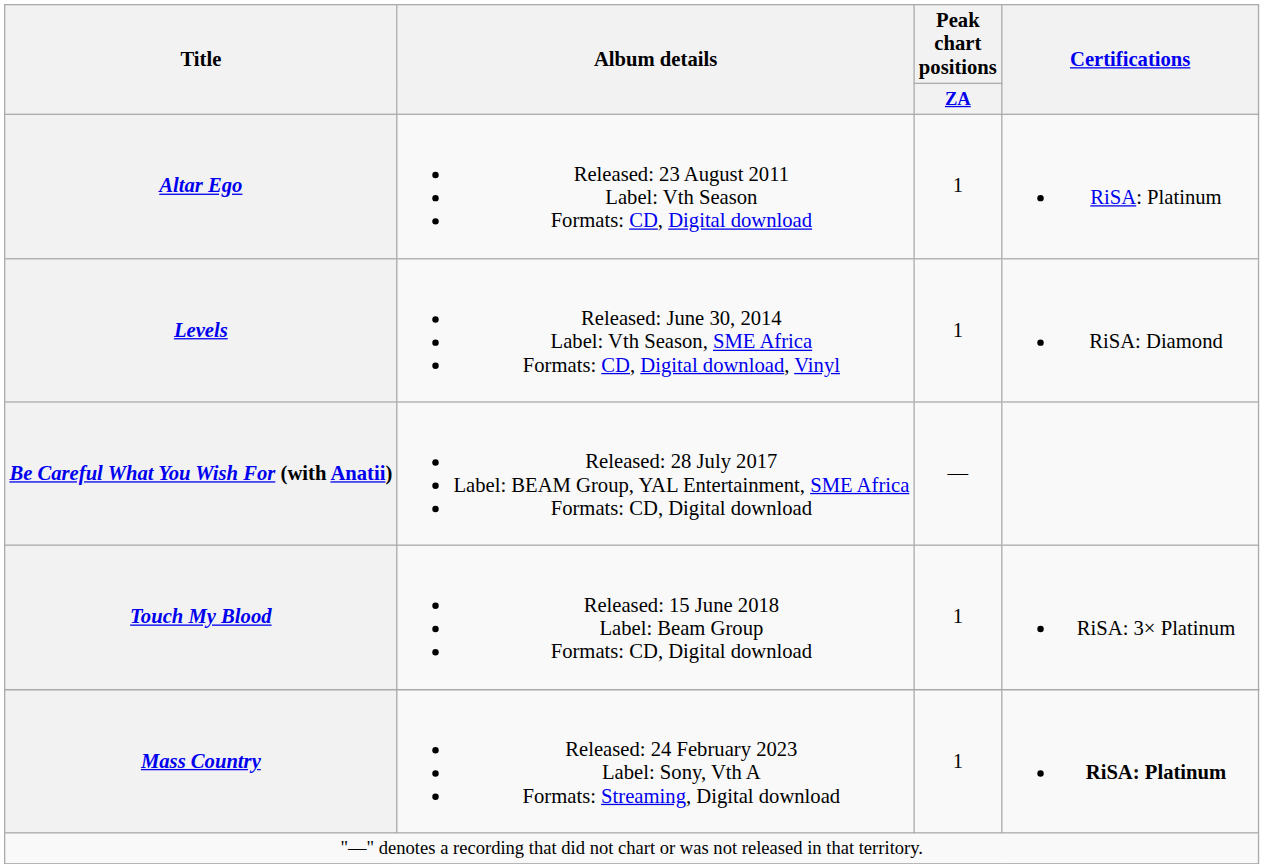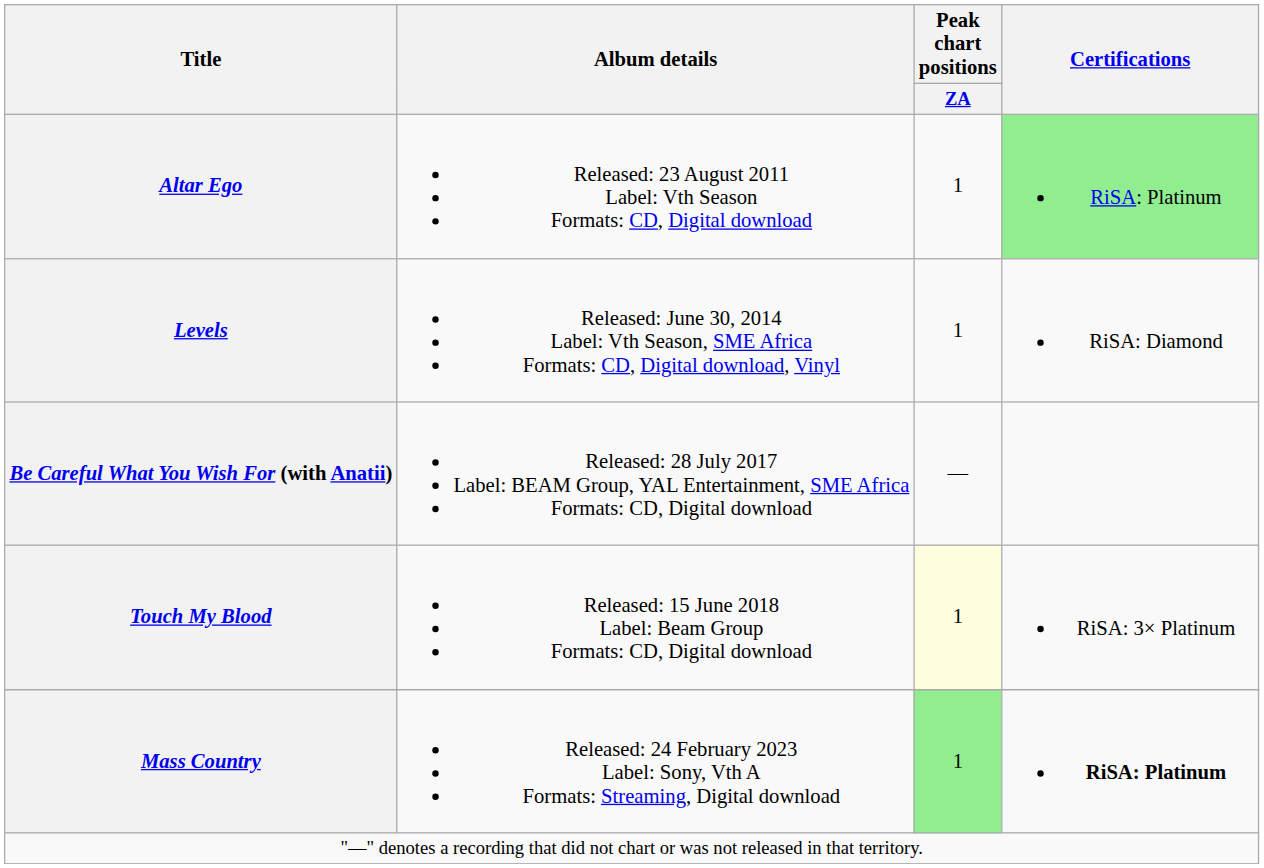 <table class="wikitable" style="text-align:center;">
 <tr>
 <th scope="col" rowspan="2">Title</th>
 <th scope="col" rowspan="2">Album details</th>
 <th scope="col" colspan="1">Peak chart positions</th>
 <th scope="col" rowspan="2" style="width:12em;"><a href='#'>Certifications</a></th>
 </tr>
 <tr>
 <th scope="col" style="width:3em;font-size:90%;"><a href='#'>ZA</a><br></th>
 </tr>
 <tr>
 <th scope="row"><em><a href='#'>Altar Ego</a></em></th>
 <td><br><ul><li>Released: 23 August 2011</li><li>Label: Vth Season</li><li>Formats: <a href='#'>CD</a>, <a href='#'>Digital download</a></li></ul></td>
 <td>1</td>
-<td><br><ul><li><a href='#'>RiSA</a>: Platinum</li></ul></td>
+<td style="background: lightgreen;"><br><ul><li><a href='#'>RiSA</a>: Platinum</li></ul></td>
 </tr>
 <tr>
 <th scope="row"><em><a href='#'>Levels</a></em></th>
 <td><br><ul><li>Released: June 30, 2014</li><li>Label: Vth Season, <a href='#'>SME Africa</a></li><li>Formats: <a href='#'>CD</a>, <a href='#'>Digital download</a>, <a href='#'>Vinyl</a></li></ul></td>
 <td>1</td>
 <td><br><ul><li>RiSA: Diamond</li></ul></td>
 </tr>
 <tr>
 <th scope="row"><em><a href='#'>Be Careful What You Wish For</a></em> (with <a href='#'>Anatii</a>)</th>
 <td><br><ul><li>Released: 28 July 2017</li><li>Label: BEAM Group, YAL Entertainment, <a href='#'>SME Africa</a></li><li>Formats: CD, Digital download</li></ul></td>
 <td>—</td>
 <td></td>
 </tr>
 <tr>
 <th scope="row"><em><a href='#'>Touch My Blood</a></em></th>
 <td><br><ul><li>Released: 15 June 2018</li><li>Label: Beam Group</li><li>Formats: CD, Digital download</li></ul></td>
-<td>1</td>
+<td style="background: lightyellow;">1</td>
 <td><br><ul><li>RiSA: 3× Platinum </li></ul></td>
 </tr>
 <tr>
 </tr>
 <tr>
 <th scope="row"><em><a href='#'>Mass Country</a></em></th>
 <td><br><ul><li>Released: 24 February 2023</li><li>Label: Sony, Vth A</li><li>Formats: <a href='#'>Streaming</a>, Digital download</li></ul></td>
-<td>1</td>
+<td style="background: lightgreen;">1</td>
 <td><strong><br><ul><li>RiSA: Platinum</li></ul></strong></td>
 </tr>
 <tr>
 <td colspan="5" style="font-size:90%">"—" denotes a recording that did not chart or was not released in that territory.</td>
 </tr>
 </table>
